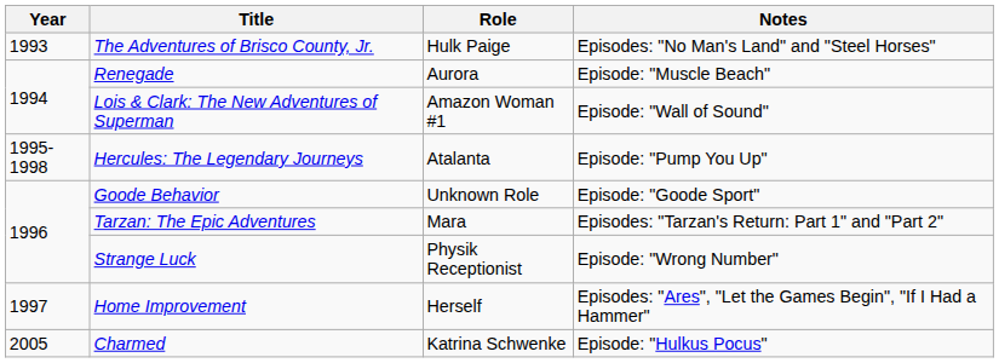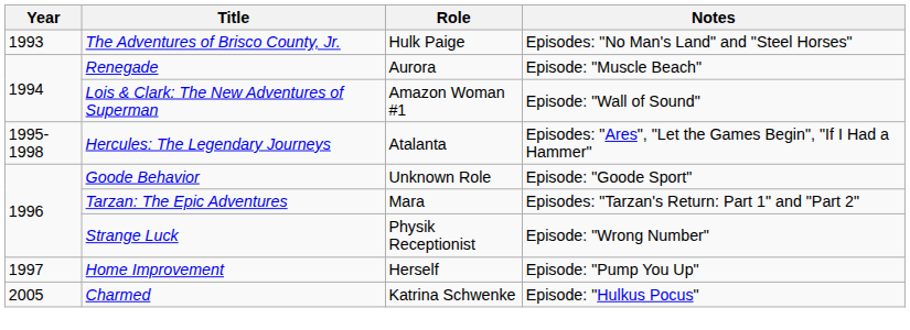 <table class="wikitable" style="font-size: 95%;">
 <tr>
 <th>Year</th>
 <th>Title</th>
 <th>Role</th>
 <th>Notes</th>
 </tr>
 <tr>
 <td>1993</td>
 <td><em><a href='#'>The Adventures of Brisco County, Jr.</a></em></td>
 <td>Hulk Paige</td>
 <td>Episodes: "No Man's Land" and "Steel Horses"</td>
 </tr>
 <tr>
 <td rowspan="2">1994</td>
 <td><em><a href='#'>Renegade</a></em></td>
 <td>Aurora</td>
 <td>Episode: "Muscle Beach"</td>
 </tr>
 <tr>
 <td><em><a href='#'>Lois & Clark: The New Adventures of Superman</a></em></td>
 <td>Amazon Woman #1</td>
 <td>Episode: "Wall of Sound"</td>
 </tr>
 <tr>
 <td>1995-1998</td>
 <td><em><a href='#'>Hercules: The Legendary Journeys</a></em></td>
 <td>Atalanta</td>
-<td>Episode: "Pump You Up"</td>
+<td>Episodes: "<a href='#'>Ares</a>", "Let the Games Begin", "If I Had a Hammer"</td>
 </tr>
 <tr>
 <td rowspan="3">1996</td>
 <td><em><a href='#'>Goode Behavior</a></em></td>
 <td>Unknown Role</td>
 <td>Episode: "Goode Sport"</td>
 </tr>
 <tr>
 <td><em><a href='#'>Tarzan: The Epic Adventures</a></em></td>
 <td>Mara</td>
 <td>Episodes: "Tarzan's Return: Part 1" and "Part 2"</td>
 </tr>
 <tr>
 <td><em><a href='#'>Strange Luck</a></em></td>
 <td>Physik Receptionist</td>
 <td>Episode: "Wrong Number"</td>
 </tr>
 <tr>
 <td>1997</td>
 <td><em><a href='#'>Home Improvement</a></em></td>
 <td>Herself</td>
-<td>Episodes: "<a href='#'>Ares</a>", "Let the Games Begin", "If I Had a Hammer"</td>
+<td>Episode: "Pump You Up"</td>
 </tr>
 <tr>
 <td>2005</td>
 <td><em><a href='#'>Charmed</a></em></td>
 <td>Katrina Schwenke</td>
 <td>Episode: "<a href='#'>Hulkus Pocus</a>"</td>
 </tr>
 </table>
